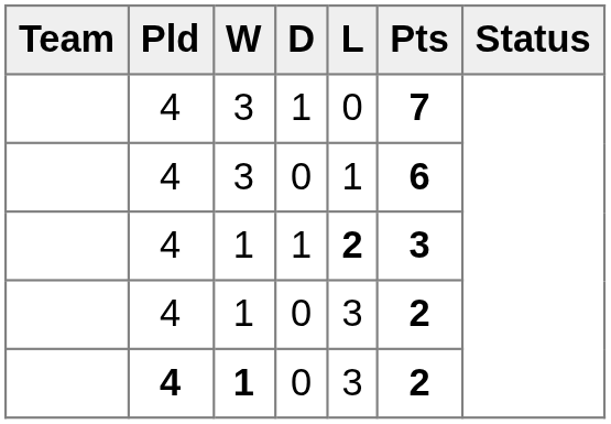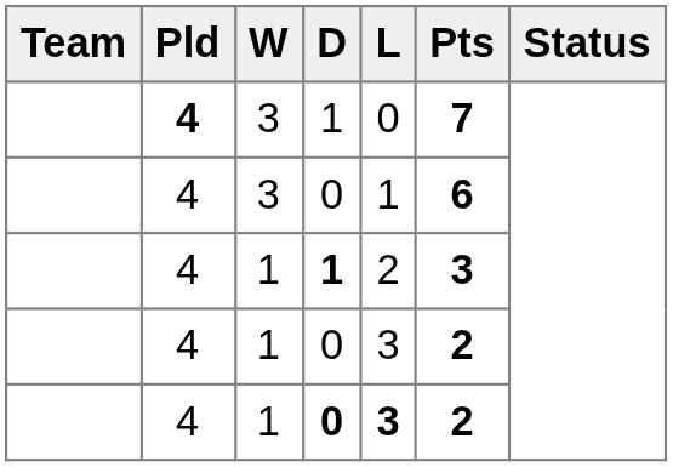 <table style=border-collapse:collapse border=1 cellspacing=0 cellpadding=5>
 <tr align=center bgcolor=#efefef>
 <th>Team</th>
 <th>Pld</th>
 <th>W</th>
 <th>D</th>
 <th>L</th>
 <th>Pts</th>
 <th>Status</th>
 </tr>
 <tr align=center style="background:#FFFFFF;">
 <td style="text-align:left;"> </td>
-<td>4</td>
+<td><strong>4</strong></td>
 <td>3</td>
 <td>1</td>
 <td>0</td>
 <td><strong>7</strong></td>
 <td rowspan=5></td>
 </tr>
 <tr align=center style="background:#FFFFFF;">
 <td style="text-align:left;"> </td>
 <td>4</td>
 <td>3</td>
 <td>0</td>
 <td>1</td>
 <td><strong>6</strong></td>
 </tr>
 <tr align=center style="background:#FFFFFF;">
 <td style="text-align:left;"> </td>
 <td>4</td>
 <td>1</td>
-<td>1</td>
-<td><strong>2</strong></td>
+<td><strong>1</strong></td>
+<td>2</td>
 <td><strong>3</strong></td>
 </tr>
 <tr align=center style="background:#FFFFFF;">
 <td style="text-align:left;"> </td>
 <td>4</td>
 <td>1</td>
 <td>0</td>
 <td>3</td>
 <td><strong>2</strong></td>
 </tr>
 <tr align=center style="background:#FFFFFF;">
 <td style="text-align:left;"> </td>
-<td><strong>4</strong></td>
-<td><strong>1</strong></td>
-<td>0</td>
-<td>3</td>
+<td>4</td>
+<td>1</td>
+<td><strong>0</strong></td>
+<td><strong>3</strong></td>
 <td><strong>2</strong></td>
 </tr>
 </table>
